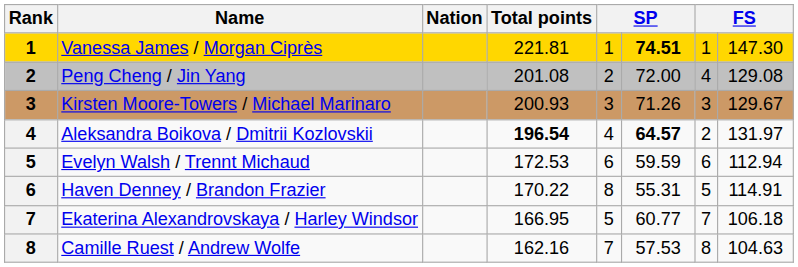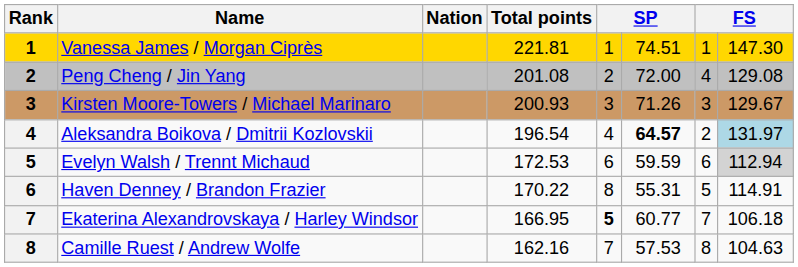 <table class="wikitable sortable">
 <tr>
 <th>Rank</th>
 <th>Name</th>
 <th>Nation</th>
 <th>Total points</th>
 <th colspan="2" width="80px"><a href='#'>SP</a></th>
 <th colspan="2" width="80px"><a href='#'>FS</a></th>
 </tr>
 <tr bgcolor="gold">
 <td align="center"><strong>1</strong></td>
 <td><a href='#'>Vanessa James</a> / <a href='#'>Morgan Ciprès</a></td>
 <td></td>
 <td align="center">221.81</td>
 <td align="center">1</td>
-<td align="center"><strong>74.51</strong></td>
+<td align="center">74.51</td>
 <td align="center">1</td>
 <td align="center">147.30</td>
 </tr>
 <tr bgcolor="silver">
 <td align="center"><strong>2</strong></td>
 <td><a href='#'>Peng Cheng</a> / <a href='#'>Jin Yang</a></td>
 <td></td>
 <td align="center">201.08</td>
 <td align="center">2</td>
 <td align="center">72.00</td>
 <td align="center">4</td>
 <td align="center">129.08</td>
 </tr>
 <tr bgcolor="cc9966">
 <td align="center"><strong>3</strong></td>
 <td><a href='#'>Kirsten Moore-Towers</a> / <a href='#'>Michael Marinaro</a></td>
 <td></td>
 <td align="center">200.93</td>
 <td align="center">3</td>
 <td align="center">71.26</td>
 <td align="center">3</td>
 <td align="center">129.67</td>
 </tr>
 <tr>
 <th>4</th>
 <td><a href='#'>Aleksandra Boikova</a> / <a href='#'>Dmitrii Kozlovskii</a></td>
 <td></td>
-<td align="center"><strong>196.54</strong></td>
+<td align="center">196.54</td>
 <td align="center">4</td>
 <td align="center"><strong>64.57</strong></td>
 <td align="center">2</td>
-<td align="center">131.97</td>
+<td align="center" style="background: lightblue;">131.97</td>
 </tr>
 <tr>
 <th>5</th>
 <td><a href='#'>Evelyn Walsh</a> / <a href='#'>Trennt Michaud</a></td>
 <td></td>
 <td align="center">172.53</td>
 <td align="center">6</td>
 <td align="center">59.59</td>
 <td align="center">6</td>
-<td align="center">112.94</td>
+<td align="center" style="background: lightgrey;">112.94</td>
 </tr>
 <tr>
 <th>6</th>
 <td><a href='#'>Haven Denney</a> / <a href='#'>Brandon Frazier</a></td>
 <td></td>
 <td align="center">170.22</td>
 <td align="center">8</td>
 <td align="center">55.31</td>
 <td align="center">5</td>
 <td align="center">114.91</td>
 </tr>
 <tr>
 <th>7</th>
 <td><a href='#'>Ekaterina Alexandrovskaya</a> / <a href='#'>Harley Windsor</a></td>
 <td></td>
 <td align="center">166.95</td>
-<td align="center">5</td>
+<td align="center"><strong>5</strong></td>
 <td align="center">60.77</td>
 <td align="center">7</td>
 <td align="center">106.18</td>
 </tr>
 <tr>
 <th>8</th>
 <td><a href='#'>Camille Ruest</a> / <a href='#'>Andrew Wolfe</a></td>
 <td></td>
 <td align="center">162.16</td>
 <td align="center">7</td>
 <td align="center">57.53</td>
 <td align="center">8</td>
 <td align="center">104.63</td>
 </tr>
 </table>
